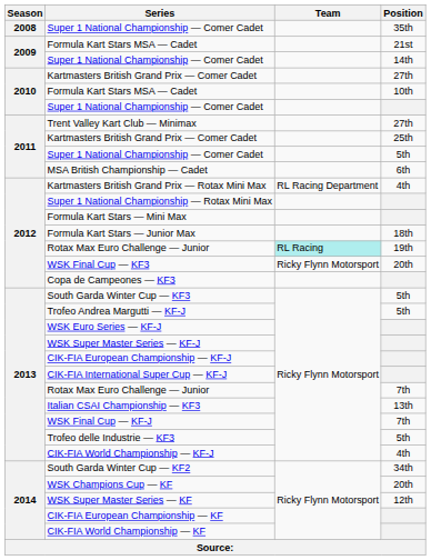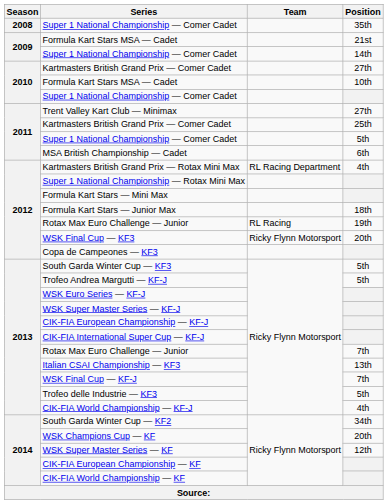 <table class="wikitable" style="font-size: 85%; text-align:center;">
 <tr>
 <th>Season</th>
 <th>Series</th>
 <th>Team</th>
 <th>Position</th>
 </tr>
 <tr>
 <th>2008</th>
 <td align=left><a href='#'>Super 1 National Championship</a> — Comer Cadet</td>
 <td></td>
 <td>35th</td>
 </tr>
 <tr>
 <th rowspan="2">2009</th>
 <td align=left>Formula Kart Stars MSA — Cadet</td>
 <td></td>
 <td>21st</td>
 </tr>
 <tr>
 <td align=left><a href='#'>Super 1 National Championship</a> — Comer Cadet</td>
 <td></td>
 <td>14th</td>
 </tr>
 <tr>
 <th rowspan="3">2010</th>
 <td align=left>Kartmasters British Grand Prix — Comer Cadet</td>
 <td></td>
 <td>27th</td>
 </tr>
 <tr>
 <td align=left>Formula Kart Stars MSA — Cadet</td>
 <td></td>
 <td>10th</td>
 </tr>
 <tr>
 <td align=left><a href='#'>Super 1 National Championship</a> — Comer Cadet</td>
 <td></td>
 <th></th>
 </tr>
 <tr>
 <th rowspan="4">2011</th>
 <td align=left>Trent Valley Kart Club — Minimax</td>
 <td></td>
 <td>27th</td>
 </tr>
 <tr>
 <td align=left>Kartmasters British Grand Prix — Comer Cadet</td>
 <td></td>
 <td>25th</td>
 </tr>
 <tr>
 <td align=left><a href='#'>Super 1 National Championship</a> — Comer Cadet</td>
 <td></td>
 <td>5th</td>
 </tr>
 <tr>
 <td align=left>MSA British Championship — Cadet</td>
 <td></td>
 <td>6th</td>
 </tr>
 <tr>
 <th rowspan="7">2012</th>
 <td align=left>Kartmasters British Grand Prix — Rotax Mini Max</td>
 <td align=left>RL Racing Department</td>
 <td>4th</td>
 </tr>
 <tr>
 <td align=left><a href='#'>Super 1 National Championship</a> — Rotax Mini Max</td>
 <td></td>
 <th></th>
 </tr>
 <tr>
 <td align=left>Formula Kart Stars — Mini Max</td>
 <td></td>
 <th></th>
 </tr>
 <tr>
 <td align=left>Formula Kart Stars — Junior Max</td>
 <td></td>
 <td>18th</td>
 </tr>
 <tr>
 <td align=left>Rotax Max Euro Challenge — Junior</td>
-<td align=left style="background: paleturquoise;">RL Racing</td>
+<td align=left>RL Racing</td>
 <td>19th</td>
 </tr>
 <tr>
 <td align=left><a href='#'>WSK Final Cup</a> — <a href='#'>KF3</a></td>
 <td align=left>Ricky Flynn Motorsport</td>
 <td>20th</td>
 </tr>
 <tr>
 <td align=left>Copa de Campeones — <a href='#'>KF3</a></td>
 <td></td>
 <th></th>
 </tr>
 <tr>
 <th rowspan="11">2013</th>
 <td align=left>South Garda Winter Cup — <a href='#'>KF3</a></td>
 <td align=left rowspan="11">Ricky Flynn Motorsport</td>
 <td>5th</td>
 </tr>
 <tr>
 <td align=left>Trofeo Andrea Margutti — <a href='#'>KF-J</a></td>
 <td>5th</td>
 </tr>
 <tr>
 <td align=left><a href='#'>WSK Euro Series</a> — <a href='#'>KF-J</a></td>
 <th></th>
 </tr>
 <tr>
 <td align=left><a href='#'>WSK Super Master Series</a> — <a href='#'>KF-J</a></td>
 <th></th>
 </tr>
 <tr>
 <td align=left><a href='#'>CIK-FIA European Championship</a> — <a href='#'>KF-J</a></td>
 <th></th>
 </tr>
 <tr>
 <td align=left><a href='#'>CIK-FIA International Super Cup</a> — <a href='#'>KF-J</a></td>
 <th></th>
 </tr>
 <tr>
 <td align=left>Rotax Max Euro Challenge — Junior</td>
 <td>7th</td>
 </tr>
 <tr>
 <td align=left><a href='#'>Italian CSAI Championship</a> — <a href='#'>KF3</a></td>
 <td>13th</td>
 </tr>
 <tr>
 <td align=left><a href='#'>WSK Final Cup</a> — <a href='#'>KF-J</a></td>
 <td>7th</td>
 </tr>
 <tr>
 <td align=left>Trofeo delle Industrie — <a href='#'>KF3</a></td>
 <td>5th</td>
 </tr>
 <tr>
 <td align=left><a href='#'>CIK-FIA World Championship</a> — <a href='#'>KF-J</a></td>
 <td>4th</td>
 </tr>
 <tr>
 <th rowspan="5">2014</th>
 <td align=left>South Garda Winter Cup — <a href='#'>KF2</a></td>
 <td align=left rowspan="5">Ricky Flynn Motorsport</td>
 <td>34th</td>
 </tr>
 <tr>
 <td align=left><a href='#'>WSK Champions Cup</a> — <a href='#'>KF</a></td>
 <td>20th</td>
 </tr>
 <tr>
 <td align=left><a href='#'>WSK Super Master Series</a> — <a href='#'>KF</a></td>
 <td>12th</td>
 </tr>
 <tr>
 <td align=left><a href='#'>CIK-FIA European Championship</a> — <a href='#'>KF</a></td>
 <th></th>
 </tr>
 <tr>
 <td align=left><a href='#'>CIK-FIA World Championship</a> — <a href='#'>KF</a></td>
 <th></th>
 </tr>
 <tr>
 <th colspan="4">Source:</th>
 </tr>
 </table>
